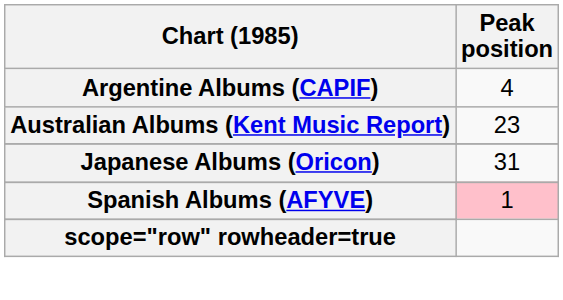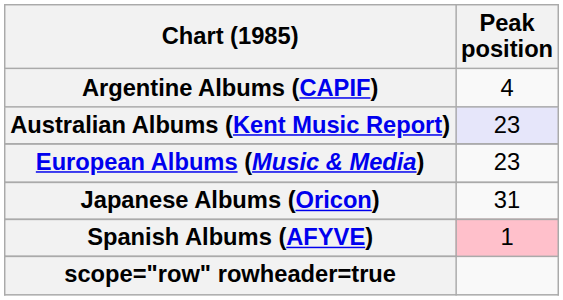 <table class="wikitable sortable plainrowheaders" style="text-align:center">
 <tr>
 <th scope="col">Chart (1985)</th>
 <th scope="col">Peak<br>position</th>
 </tr>
 <tr>
 <th scope="row">Argentine Albums (<a href='#'>CAPIF</a>)</th>
 <td>4</td>
 </tr>
 <tr>
 <th scope="row">Australian Albums (<a href='#'>Kent Music Report</a>)</th>
-<td>23</td>
+<td style="background: lavender;">23</td>
 </tr>
 <tr>
+</tr>
+<tr>
+<th scope="row"><a href='#'>European Albums</a> (<em><a href='#'>Music & Media</a></em>)</th>
+<td>23</td>
 </tr>
 <tr>
 </tr>
 <tr>
 <th scope="row">Japanese Albums (<a href='#'>Oricon</a>)</th>
 <td>31</td>
 </tr>
 <tr>
 </tr>
 <tr>
 <th scope="row">Spanish Albums (<a href='#'>AFYVE</a>)</th>
 <td style="background: pink;">1</td>
 </tr>
 <tr>
 </tr>
 <tr>
 </tr>
 <tr>
 </tr>
 <tr>
 <th>scope="row" rowheader=true</th>
 </tr>
 </table>
